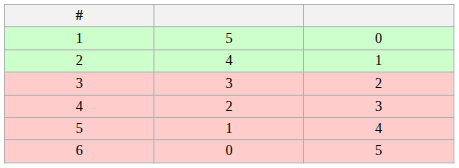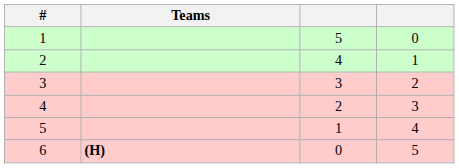 <table class="wikitable" width="40%" style="text-align:center;">
 <tr>
 <th width="7%">#</th>
+<th width="20%">Teams</th>
 <th width="7%"></th>
 <th width="7%"></th>
 </tr>
 <tr bgcolor="#cfc">
 <td>1</td>
+<td align="left"></td>
 <td>5</td>
 <td>0</td>
 </tr>
 <tr bgcolor="#cfc">
 <td>2</td>
+<td align="left"></td>
 <td>4</td>
 <td>1</td>
 </tr>
 <tr bgcolor=#fcc>
 <td>3</td>
+<td align="left"></td>
 <td>3</td>
 <td>2</td>
 </tr>
 <tr bgcolor=#fcc>
 <td>4</td>
+<td align="left"></td>
 <td>2</td>
 <td>3</td>
 </tr>
 <tr bgcolor=#fcc>
 <td>5</td>
+<td align="left"></td>
 <td>1</td>
 <td>4</td>
 </tr>
 <tr bgcolor=#fcc>
 <td>6</td>
+<td align="left"> <strong>(H)</strong></td>
 <td>0</td>
 <td>5</td>
 </tr>
 </table>
